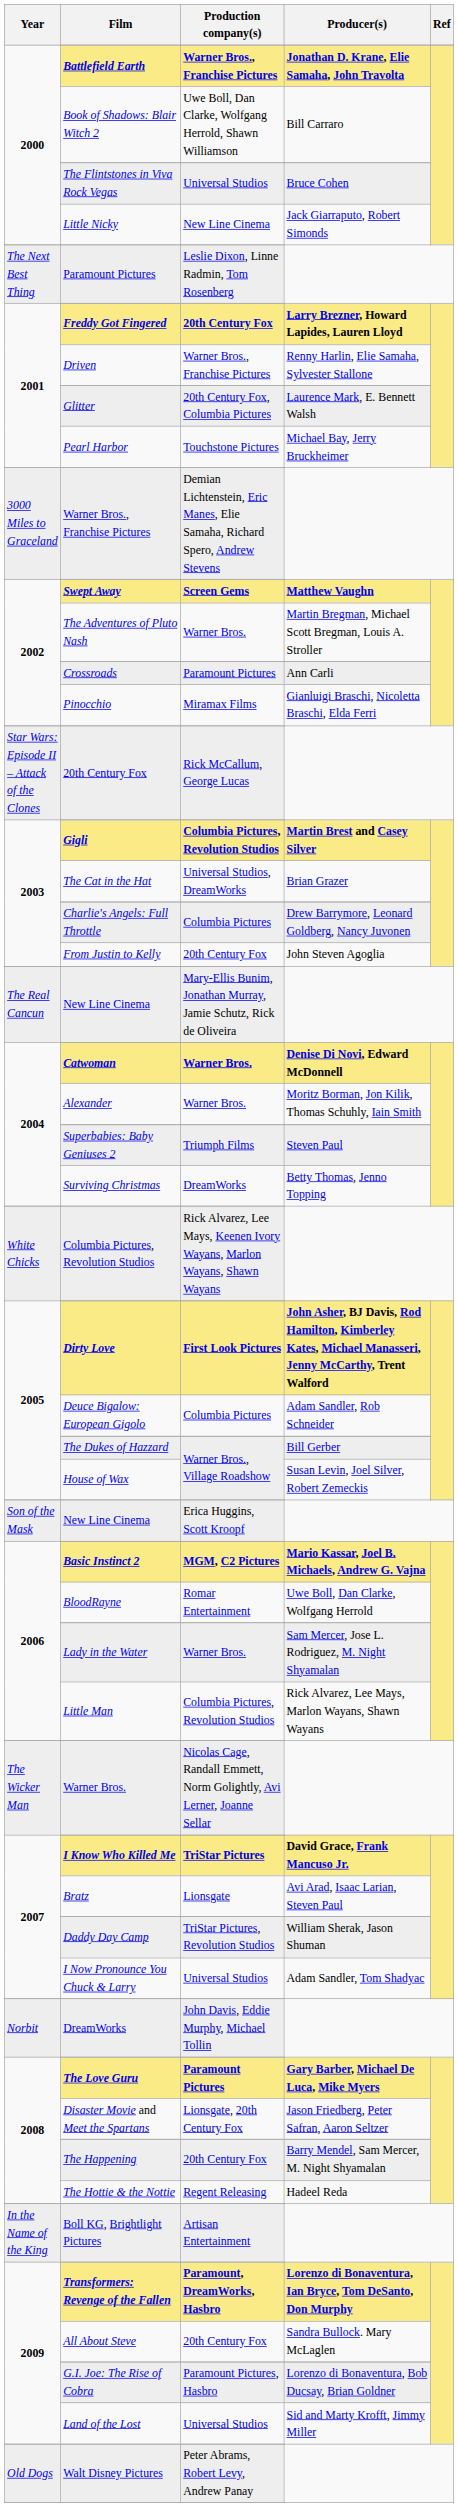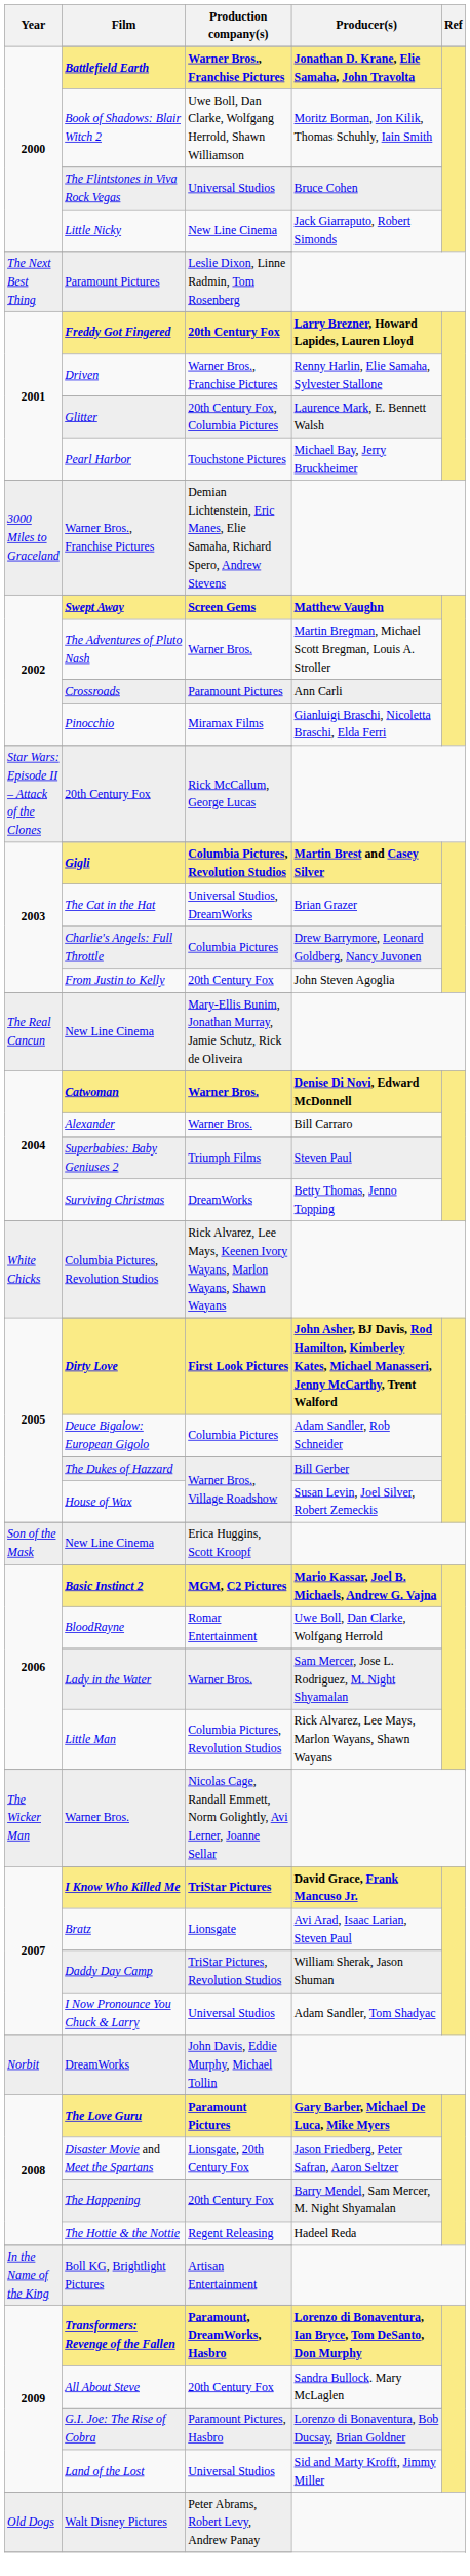 <table class="wikitable sortable" style="font-size:1.00em; line-height:1.5em;">
 <tr bgcolor="#bebebe">
 <th style="width:7%;">Year</th>
 <th style="width:30%;">Film</th>
 <th style="width:25%;">Production company(s)</th>
 <th style="width:40%;">Producer(s)</th>
 <th style="width:10%;">Ref</th>
 </tr>
 <tr>
 <td rowspan=6 style="text-align:center"><strong>2000</strong><br></td>
 </tr>
 <tr style="background:#FAEB86">
 <td><strong><em><a href='#'>Battlefield Earth</a></em></strong></td>
 <td><strong><a href='#'>Warner Bros.</a>, <a href='#'>Franchise Pictures</a></strong></td>
 <td><strong><a href='#'>Jonathan D. Krane</a>, <a href='#'>Elie Samaha</a>, <a href='#'>John Travolta</a></strong></td>
 <td rowspan=6></td>
 </tr>
 <tr>
 <td><em><a href='#'>Book of Shadows: Blair Witch 2</a></em></td>
 <td>Uwe Boll, Dan Clarke, Wolfgang Herrold, Shawn Williamson</td>
-<td>Bill Carraro</td>
+<td><a href='#'>Moritz Borman</a>, <a href='#'>Jon Kilik</a>, Thomas Schuhly, <a href='#'>Iain Smith</a></td>
 </tr>
 <tr>
 </tr>
 <tr style="background:#eee;">
 <td><em><a href='#'>The Flintstones in Viva Rock Vegas</a></em></td>
 <td><a href='#'>Universal Studios</a></td>
 <td><a href='#'>Bruce Cohen</a></td>
 </tr>
 <tr>
 <td><em><a href='#'>Little Nicky</a></em></td>
 <td><a href='#'>New Line Cinema</a></td>
 <td><a href='#'>Jack Giarraputo</a>, <a href='#'>Robert Simonds</a></td>
 </tr>
 <tr>
 </tr>
 <tr style="background:#eee;">
 <td><em><a href='#'>The Next Best Thing</a></em></td>
 <td><a href='#'>Paramount Pictures</a></td>
 <td><a href='#'>Leslie Dixon</a>, Linne Radmin, <a href='#'>Tom Rosenberg</a></td>
 </tr>
 <tr>
 <td rowspan=6 style="text-align:center"><strong>2001</strong><br></td>
 </tr>
 <tr style="background:#FAEB86">
 <td><strong><em><a href='#'>Freddy Got Fingered</a></em></strong></td>
 <td><strong><a href='#'>20th Century Fox</a></strong></td>
 <td><strong><a href='#'>Larry Brezner</a>, Howard Lapides, Lauren Lloyd</strong></td>
 <td rowspan=6></td>
 </tr>
 <tr>
 <td><em><a href='#'>Driven</a></em></td>
 <td><a href='#'>Warner Bros.</a>, <a href='#'>Franchise Pictures</a></td>
 <td><a href='#'>Renny Harlin</a>, <a href='#'>Elie Samaha</a>, <a href='#'>Sylvester Stallone</a></td>
 </tr>
 <tr>
 </tr>
 <tr style="background:#eee;">
 <td><em><a href='#'>Glitter</a></em></td>
 <td><a href='#'>20th Century Fox</a>, <a href='#'>Columbia Pictures</a></td>
 <td><a href='#'>Laurence Mark</a>, E. Bennett Walsh</td>
 </tr>
 <tr>
 <td><em><a href='#'>Pearl Harbor</a></em></td>
 <td><a href='#'>Touchstone Pictures</a></td>
 <td><a href='#'>Michael Bay</a>, <a href='#'>Jerry Bruckheimer</a></td>
 </tr>
 <tr>
 </tr>
 <tr style="background:#eee;">
 <td><em><a href='#'>3000 Miles to Graceland</a></em></td>
 <td><a href='#'>Warner Bros.</a>, <a href='#'>Franchise Pictures</a></td>
 <td>Demian Lichtenstein, <a href='#'>Eric Manes</a>, Elie Samaha, Richard Spero, <a href='#'>Andrew Stevens</a></td>
 </tr>
 <tr>
 <td rowspan=6 style="text-align:center"><strong>2002</strong><br></td>
 </tr>
 <tr style="background:#FAEB86">
 <td><strong><em><a href='#'>Swept Away</a></em></strong></td>
 <td><strong><a href='#'>Screen Gems</a></strong></td>
 <td><strong><a href='#'>Matthew Vaughn</a></strong></td>
 <td rowspan=6></td>
 </tr>
 <tr>
 <td><em><a href='#'>The Adventures of Pluto Nash</a></em></td>
 <td><a href='#'>Warner Bros.</a></td>
 <td><a href='#'>Martin Bregman</a>, Michael Scott Bregman, Louis A. Stroller</td>
 </tr>
 <tr>
 </tr>
 <tr style="background:#eee;">
 <td><em><a href='#'>Crossroads</a></em></td>
 <td><a href='#'>Paramount Pictures</a></td>
 <td>Ann Carli</td>
 </tr>
 <tr>
 <td><em><a href='#'>Pinocchio</a></em></td>
 <td><a href='#'>Miramax Films</a></td>
 <td><a href='#'>Gianluigi Braschi</a>, <a href='#'>Nicoletta Braschi</a>, <a href='#'>Elda Ferri</a></td>
 </tr>
 <tr>
 </tr>
 <tr style="background:#eee;">
 <td><em><a href='#'>Star Wars: Episode II – Attack of the Clones</a></em></td>
 <td><a href='#'>20th Century Fox</a></td>
 <td><a href='#'>Rick McCallum</a>, <a href='#'>George Lucas</a></td>
 </tr>
 <tr>
 <td rowspan=6 style="text-align:center"><strong>2003</strong><br></td>
 </tr>
 <tr style="background:#FAEB86">
 <td><strong><em><a href='#'>Gigli</a></em></strong></td>
 <td><strong><a href='#'>Columbia Pictures</a>, <a href='#'>Revolution Studios</a></strong></td>
 <td><strong><a href='#'>Martin Brest</a> and <a href='#'>Casey Silver</a></strong></td>
 <td rowspan=6></td>
 </tr>
 <tr>
 <td><em><a href='#'>The Cat in the Hat</a></em></td>
 <td><a href='#'>Universal Studios</a>, <a href='#'>DreamWorks</a></td>
 <td><a href='#'>Brian Grazer</a></td>
 </tr>
 <tr>
 </tr>
 <tr style="background:#eee;">
 <td><em><a href='#'>Charlie's Angels: Full Throttle</a></em></td>
 <td><a href='#'>Columbia Pictures</a></td>
 <td><a href='#'>Drew Barrymore</a>, <a href='#'>Leonard Goldberg</a>, <a href='#'>Nancy Juvonen</a></td>
 </tr>
 <tr>
 <td><em><a href='#'>From Justin to Kelly</a></em></td>
 <td><a href='#'>20th Century Fox</a></td>
 <td>John Steven Agoglia</td>
 </tr>
 <tr>
 </tr>
 <tr style="background:#eee;">
 <td><em><a href='#'>The Real Cancun</a></em></td>
 <td><a href='#'>New Line Cinema</a></td>
 <td><a href='#'>Mary-Ellis Bunim</a>, <a href='#'>Jonathan Murray</a>, Jamie Schutz, Rick de Oliveira</td>
 </tr>
 <tr>
 <td rowspan=6 style="text-align:center"><strong>2004</strong><br></td>
 </tr>
 <tr style="background:#FAEB86">
 <td><strong><em><a href='#'>Catwoman</a></em></strong></td>
 <td><strong><a href='#'>Warner Bros.</a></strong></td>
 <td><strong><a href='#'>Denise Di Novi</a>, Edward McDonnell</strong></td>
 <td rowspan=6></td>
 </tr>
 <tr>
 <td><em><a href='#'>Alexander</a></em></td>
 <td><a href='#'>Warner Bros.</a></td>
-<td><a href='#'>Moritz Borman</a>, <a href='#'>Jon Kilik</a>, Thomas Schuhly, <a href='#'>Iain Smith</a></td>
+<td>Bill Carraro</td>
 </tr>
 <tr>
 </tr>
 <tr style="background:#eee;">
 <td><em><a href='#'>Superbabies: Baby Geniuses 2</a></em></td>
 <td><a href='#'>Triumph Films</a></td>
 <td><a href='#'>Steven Paul</a></td>
 </tr>
 <tr>
 <td><em><a href='#'>Surviving Christmas</a></em></td>
 <td><a href='#'>DreamWorks</a></td>
 <td><a href='#'>Betty Thomas</a>, <a href='#'>Jenno Topping</a></td>
 </tr>
 <tr>
 </tr>
 <tr style="background:#eee;">
 <td><em><a href='#'>White Chicks</a></em></td>
 <td><a href='#'>Columbia Pictures</a>, <a href='#'>Revolution Studios</a></td>
 <td>Rick Alvarez, Lee Mays, <a href='#'>Keenen Ivory Wayans</a>, <a href='#'>Marlon Wayans</a>, <a href='#'>Shawn Wayans</a></td>
 </tr>
 <tr>
 <td rowspan=6 style="text-align:center"><strong>2005</strong><br></td>
 </tr>
 <tr style="background:#FAEB86">
 <td><strong><em><a href='#'>Dirty Love</a></em></strong></td>
 <td><strong><a href='#'>First Look Pictures</a></strong></td>
 <td><strong><a href='#'>John Asher</a>, BJ Davis, <a href='#'>Rod Hamilton</a>, <a href='#'>Kimberley Kates</a>, <a href='#'>Michael Manasseri</a>, <a href='#'>Jenny McCarthy</a>, Trent Walford</strong></td>
 <td rowspan=6></td>
 </tr>
 <tr>
 <td><em><a href='#'>Deuce Bigalow: European Gigolo</a></em></td>
 <td><a href='#'>Columbia Pictures</a></td>
 <td><a href='#'>Adam Sandler</a>, <a href='#'>Rob Schneider</a></td>
 </tr>
 <tr>
 </tr>
 <tr style="background:#eee;">
 <td><em><a href='#'>The Dukes of Hazzard</a></em></td>
 <td rowspan="2"><a href='#'>Warner Bros.</a>, <a href='#'>Village Roadshow</a></td>
 <td><a href='#'>Bill Gerber</a></td>
 </tr>
 <tr>
 <td><em><a href='#'>House of Wax</a></em></td>
 <td><a href='#'>Susan Levin</a>, <a href='#'>Joel Silver</a>, <a href='#'>Robert Zemeckis</a></td>
 </tr>
 <tr>
 </tr>
 <tr style="background:#eee;">
 <td><em><a href='#'>Son of the Mask</a></em></td>
 <td><a href='#'>New Line Cinema</a></td>
 <td>Erica Huggins, <a href='#'>Scott Kroopf</a></td>
 </tr>
 <tr>
 <td rowspan=6 style="text-align:center"><strong>2006</strong><br></td>
 </tr>
 <tr style="background:#FAEB86">
 <td><strong><em><a href='#'>Basic Instinct 2</a></em></strong></td>
 <td><strong><a href='#'>MGM</a>, <a href='#'>C2 Pictures</a></strong></td>
 <td><strong><a href='#'>Mario Kassar</a>, <a href='#'>Joel B. Michaels</a>, <a href='#'>Andrew G. Vajna</a></strong></td>
 <td rowspan=6></td>
 </tr>
 <tr>
 <td><em><a href='#'>BloodRayne</a></em></td>
 <td><a href='#'>Romar Entertainment</a></td>
 <td><a href='#'>Uwe Boll</a>, <a href='#'>Dan Clarke</a>, Wolfgang Herrold</td>
 </tr>
 <tr>
 </tr>
 <tr style="background:#eee;">
 <td><em><a href='#'>Lady in the Water</a></em></td>
 <td><a href='#'>Warner Bros.</a></td>
 <td><a href='#'>Sam Mercer</a>, Jose L. Rodriguez, <a href='#'>M. Night Shyamalan</a></td>
 </tr>
 <tr>
 <td><em><a href='#'>Little Man</a></em></td>
 <td><a href='#'>Columbia Pictures</a>, <a href='#'>Revolution Studios</a></td>
 <td>Rick Alvarez, Lee Mays, Marlon Wayans, Shawn Wayans</td>
 </tr>
 <tr>
 </tr>
 <tr style="background:#eee;">
 <td><em><a href='#'>The Wicker Man</a></em></td>
 <td><a href='#'>Warner Bros.</a></td>
 <td><a href='#'>Nicolas Cage</a>, Randall Emmett, Norm Golightly, <a href='#'>Avi Lerner</a>, <a href='#'>Joanne Sellar</a></td>
 </tr>
 <tr>
 <td rowspan=6 style="text-align:center"><strong>2007</strong><br></td>
 </tr>
 <tr style="background:#FAEB86">
 <td><strong><em><a href='#'>I Know Who Killed Me</a></em></strong></td>
 <td><strong><a href='#'>TriStar Pictures</a></strong></td>
 <td><strong>David Grace, <a href='#'>Frank Mancuso Jr.</a></strong></td>
 <td rowspan=6></td>
 </tr>
 <tr>
 <td><em><a href='#'>Bratz</a></em></td>
 <td><a href='#'>Lionsgate</a></td>
 <td><a href='#'>Avi Arad</a>, <a href='#'>Isaac Larian</a>, <a href='#'>Steven Paul</a></td>
 </tr>
 <tr>
 </tr>
 <tr style="background:#eee;">
 <td><em><a href='#'>Daddy Day Camp</a></em></td>
 <td><a href='#'>TriStar Pictures</a>, <a href='#'>Revolution Studios</a></td>
 <td>William Sherak, Jason Shuman</td>
 </tr>
 <tr>
 <td><em><a href='#'>I Now Pronounce You Chuck & Larry</a></em></td>
 <td><a href='#'>Universal Studios</a></td>
 <td>Adam Sandler, <a href='#'>Tom Shadyac</a></td>
 </tr>
 <tr>
 </tr>
 <tr style="background:#eee;">
 <td><em><a href='#'>Norbit</a></em></td>
 <td><a href='#'>DreamWorks</a></td>
 <td><a href='#'>John Davis</a>, <a href='#'>Eddie Murphy</a>, <a href='#'>Michael Tollin</a></td>
 </tr>
 <tr>
 <td rowspan=6 style="text-align:center"><strong>2008</strong><br></td>
 </tr>
 <tr style="background:#FAEB86">
 <td><strong><em><a href='#'>The Love Guru</a></em></strong></td>
 <td><strong><a href='#'>Paramount Pictures</a></strong></td>
 <td><strong><a href='#'>Gary Barber</a>, <a href='#'>Michael De Luca</a>, <a href='#'>Mike Myers</a></strong></td>
 <td rowspan=6></td>
 </tr>
 <tr>
 <td><em><a href='#'>Disaster Movie</a></em> and <em><a href='#'>Meet the Spartans</a></em></td>
 <td><a href='#'>Lionsgate</a>, <a href='#'>20th Century Fox</a></td>
 <td><a href='#'>Jason Friedberg</a>, <a href='#'>Peter Safran</a>, <a href='#'>Aaron Seltzer</a></td>
 </tr>
 <tr>
 </tr>
 <tr style="background:#eee;">
 <td><em><a href='#'>The Happening</a></em></td>
 <td><a href='#'>20th Century Fox</a></td>
 <td><a href='#'>Barry Mendel</a>, Sam Mercer, M. Night Shyamalan</td>
 </tr>
 <tr>
 <td><em><a href='#'>The Hottie & the Nottie</a></em></td>
 <td><a href='#'>Regent Releasing</a></td>
 <td>Hadeel Reda</td>
 </tr>
 <tr>
 </tr>
 <tr style="background:#eee;">
 <td><em><a href='#'>In the Name of the King</a></em></td>
 <td><a href='#'>Boll KG</a>, <a href='#'>Brightlight Pictures</a></td>
 <td><a href='#'>Artisan Entertainment</a></td>
 </tr>
 <tr>
 <td rowspan=6 style="text-align:center"><strong>2009</strong><br></td>
 </tr>
 <tr style="background:#FAEB86">
 <td><strong><em><a href='#'>Transformers: Revenge of the Fallen</a></em></strong></td>
 <td><strong><a href='#'>Paramount</a>, <a href='#'>DreamWorks</a>, <a href='#'>Hasbro</a></strong></td>
 <td><strong><a href='#'>Lorenzo di Bonaventura</a>, <a href='#'>Ian Bryce</a>, <a href='#'>Tom DeSanto</a>, <a href='#'>Don Murphy</a></strong></td>
 <td rowspan=6></td>
 </tr>
 <tr>
 <td><em><a href='#'>All About Steve</a></em></td>
 <td><a href='#'>20th Century Fox</a></td>
 <td><a href='#'>Sandra Bullock</a>. Mary McLaglen</td>
 </tr>
 <tr>
 </tr>
 <tr style="background:#eee;">
 <td><em><a href='#'>G.I. Joe: The Rise of Cobra</a></em></td>
 <td><a href='#'>Paramount Pictures</a>, <a href='#'>Hasbro</a></td>
 <td><a href='#'>Lorenzo di Bonaventura</a>, <a href='#'>Bob Ducsay</a>, <a href='#'>Brian Goldner</a></td>
 </tr>
 <tr>
 <td><em><a href='#'>Land of the Lost</a></em></td>
 <td><a href='#'>Universal Studios</a></td>
 <td><a href='#'>Sid and Marty Krofft</a>, <a href='#'>Jimmy Miller</a></td>
 </tr>
 <tr>
 </tr>
 <tr style="background:#eee;">
 <td><em><a href='#'>Old Dogs</a></em></td>
 <td><a href='#'>Walt Disney Pictures</a></td>
 <td>Peter Abrams, <a href='#'>Robert Levy</a>, Andrew Panay</td>
 </tr>
 <tr>
 </tr>
 </table>
